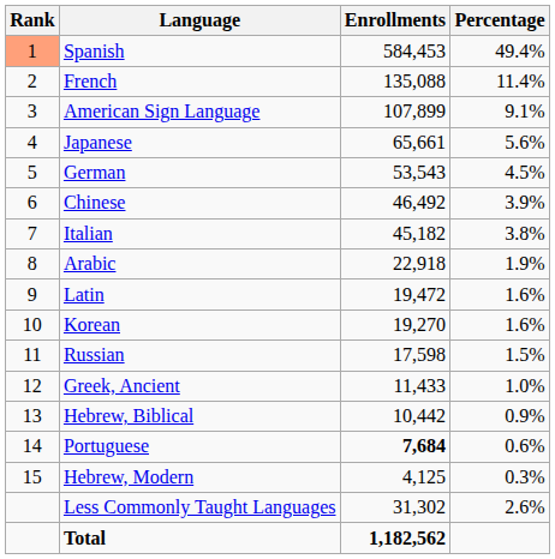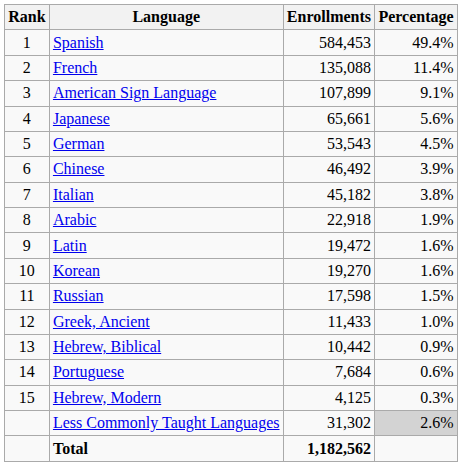 <table class="wikitable">
 <tr>
 <th>Rank</th>
 <th>Language</th>
 <th>Enrollments</th>
 <th>Percentage</th>
 </tr>
 <tr>
-<td align=center style="background: lightsalmon;">1</td>
+<td align=center>1</td>
 <td><a href='#'>Spanish</a></td>
 <td align=right>584,453</td>
 <td align=right>49.4%</td>
 </tr>
 <tr>
 <td align=center>2</td>
 <td><a href='#'>French</a></td>
 <td align=right>135,088</td>
 <td align=right>11.4%</td>
 </tr>
 <tr>
 <td align=center>3</td>
 <td><a href='#'>American Sign Language</a></td>
 <td align=right>107,899</td>
 <td align=right>9.1%</td>
 </tr>
 <tr>
 <td align=center>4</td>
 <td><a href='#'>Japanese</a></td>
 <td align=right>65,661</td>
 <td align=right>5.6%</td>
 </tr>
 <tr>
 <td align=center>5</td>
 <td><a href='#'>German</a></td>
 <td align=right>53,543</td>
 <td align=right>4.5%</td>
 </tr>
 <tr>
 <td align=center>6</td>
 <td><a href='#'>Chinese</a></td>
 <td align=right>46,492</td>
 <td align=right>3.9%</td>
 </tr>
 <tr>
 <td align=center>7</td>
 <td><a href='#'>Italian</a></td>
 <td align=right>45,182</td>
 <td align=right>3.8%</td>
 </tr>
 <tr>
 <td align=center>8</td>
 <td><a href='#'>Arabic</a></td>
 <td align=right>22,918</td>
 <td align=right>1.9%</td>
 </tr>
 <tr>
 <td align=center>9</td>
 <td><a href='#'>Latin</a></td>
 <td align=right>19,472</td>
 <td align=right>1.6%</td>
 </tr>
 <tr>
 <td align=center>10</td>
 <td><a href='#'>Korean</a></td>
 <td align=right>19,270</td>
 <td align=right>1.6%</td>
 </tr>
 <tr>
 <td align=center>11</td>
 <td><a href='#'>Russian</a></td>
 <td align=right>17,598</td>
 <td align=right>1.5%</td>
 </tr>
 <tr>
 <td align=center>12</td>
 <td><a href='#'>Greek, Ancient</a></td>
 <td align=right>11,433</td>
 <td align=right>1.0%</td>
 </tr>
 <tr>
 <td align=center>13</td>
 <td><a href='#'>Hebrew, Biblical</a></td>
 <td align=right>10,442</td>
 <td align=right>0.9%</td>
 </tr>
 <tr>
 <td align=center>14</td>
 <td><a href='#'>Portuguese</a></td>
-<td align=right><strong>7,684</strong></td>
+<td align=right>7,684</td>
 <td align=right>0.6%</td>
 </tr>
 <tr>
 <td align=center>15</td>
 <td><a href='#'>Hebrew, Modern</a></td>
 <td align=right>4,125</td>
 <td align=right>0.3%</td>
 </tr>
 <tr>
 <td></td>
 <td><a href='#'>Less Commonly Taught Languages</a></td>
 <td align=right>31,302</td>
-<td align=right>2.6%</td>
+<td align=right style="background: lightgrey;">2.6%</td>
 </tr>
 <tr>
 <td></td>
 <td><strong>Total</strong></td>
 <td align=right><strong>1,182,562</strong></td>
 </tr>
 </table>
